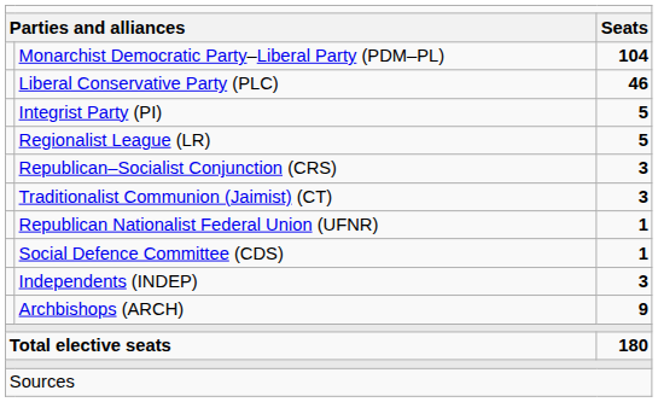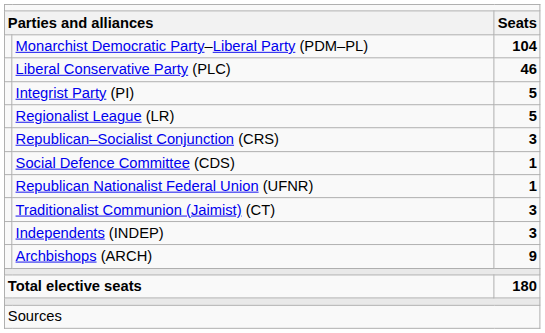 <table class="wikitable" style="text-align:right;">
 <tr>
 <td colspan="3"></td>
 </tr>
 <tr>
 <th style="text-align:left;" colspan="2" width="525">Parties and alliances</th>
 <th width="35">Seats</th>
 </tr>
 <tr>
 <td width="1" style="color:inherit;background:"></td>
 <td align="left"><a href='#'>Monarchist Democratic Party</a>–<a href='#'>Liberal Party</a> (PDM–PL)</td>
 <td><strong>104</strong></td>
 </tr>
 <tr>
 <td style="color:inherit;background:"></td>
 <td align="left"><a href='#'>Liberal Conservative Party</a> (PLC)</td>
 <td><strong>46</strong></td>
 </tr>
 <tr>
 <td style="color:inherit;background:"></td>
 <td align="left"><a href='#'>Integrist Party</a> (PI)</td>
 <td><strong>5</strong></td>
 </tr>
 <tr>
 <td style="color:inherit;background:"></td>
 <td align="left"><a href='#'>Regionalist League</a> (LR)</td>
 <td><strong>5</strong></td>
 </tr>
 <tr>
 <td style="color:inherit;background:"></td>
 <td align="left"><a href='#'>Republican–Socialist Conjunction</a> (CRS)</td>
 <td><strong>3</strong></td>
 </tr>
 <tr>
 <td style="color:inherit;background:"></td>
-<td align="left"><a href='#'>Traditionalist Communion (Jaimist)</a> (CT)</td>
-<td><strong>3</strong></td>
+<td align="left"><a href='#'>Social Defence Committee</a> (CDS)</td>
+<td><strong>1</strong></td>
 </tr>
 <tr>
 <td style="color:inherit;background:"></td>
 <td align="left"><a href='#'>Republican Nationalist Federal Union</a> (UFNR)</td>
 <td><strong>1</strong></td>
 </tr>
 <tr>
 <td style="color:inherit;background:"></td>
-<td align="left"><a href='#'>Social Defence Committee</a> (CDS)</td>
-<td><strong>1</strong></td>
+<td align="left"><a href='#'>Traditionalist Communion (Jaimist)</a> (CT)</td>
+<td><strong>3</strong></td>
 </tr>
 <tr>
 <td style="color:inherit;background:"></td>
 <td align="left"><a href='#'>Independents</a> (INDEP)</td>
 <td><strong>3</strong></td>
 </tr>
 <tr>
 <td style="color:inherit;background:"></td>
 <td align="left"><a href='#'>Archbishops</a> (ARCH)</td>
 <td><strong>9</strong></td>
 </tr>
 <tr>
 <td colspan="3" bgcolor="#E9E9E9"></td>
 </tr>
 <tr style="font-weight:bold;">
 <td align="left" colspan="2">Total elective seats</td>
 <td>180</td>
 </tr>
 <tr>
 <td colspan="3" bgcolor="#E9E9E9"></td>
 </tr>
 <tr>
 <td align="left" colspan="3">Sources</td>
 </tr>
 </table>
